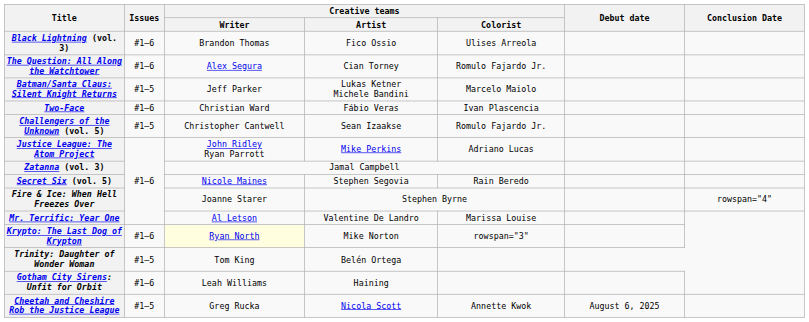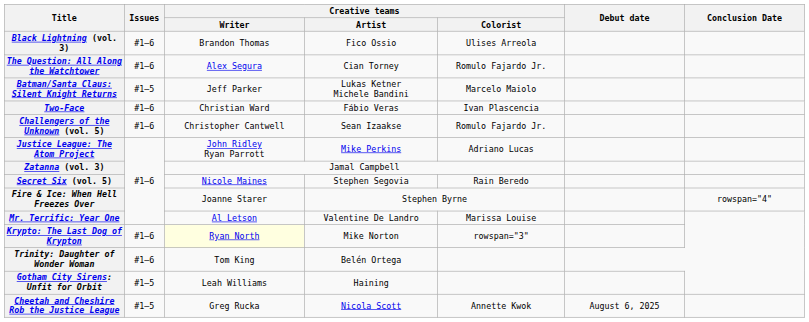 <table class="wikitable sortable" style="text-align:center; font-weight:normal;"  width=99%>
 <tr>
 <th scope="col" rowspan="2" align="center" width="15%">Title</th>
 <th scope="col" rowspan="2" align="center" width="5%">Issues</th>
 <th scope="col" colspan="3" align="center" width="50%">Creative teams </th>
 <th scope="col" rowspan="2" align="center" width="15%">Debut date</th>
 <th scope="col" rowspan="2" align="center" width="15%">Conclusion Date</th>
 </tr>
 <tr>
 <th scope="col">Writer</th>
 <th scope="col">Artist</th>
 <th scope="col">Colorist</th>
 </tr>
 <tr>
 <th scope="row"><em><a href='#'>Black Lightning</a></em> (vol. 3)</th>
 <td>#1–6</td>
 <td>Brandon Thomas</td>
 <td>Fico Ossio</td>
 <td>Ulises Arreola</td>
 <td></td>
 <td></td>
 </tr>
 <tr>
 <th scope="row"><em><a href='#'>The Question: All Along the Watchtower</a></em></th>
 <td>#1–6</td>
 <td><a href='#'>Alex Segura</a></td>
 <td>Cian Torney</td>
 <td>Romulo Fajardo Jr.</td>
 <td></td>
 <td></td>
 </tr>
 <tr>
 <th scope "row"><em><a href='#'>Batman/Santa Claus: Silent Knight Returns</a></em></th>
 <td>#1–5</td>
 <td>Jeff Parker</td>
 <td>Lukas Ketner<br>Michele Bandini</td>
 <td>Marcelo Maiolo</td>
 <td></td>
 <td></td>
 </tr>
 <tr>
 <th scope="row"><em><a href='#'>Two-Face</a></em></th>
 <td>#1–6</td>
 <td>Christian Ward</td>
 <td>Fábio Veras</td>
 <td>Ivan Plascencia</td>
 <td></td>
 <td></td>
 </tr>
 <tr>
 <th scope="row"><em><a href='#'>Challengers of the Unknown</a></em> (vol. 5)</th>
-<td>#1–5</td>
+<td>#1–6</td>
 <td>Christopher Cantwell</td>
 <td>Sean Izaakse</td>
 <td>Romulo Fajardo Jr.</td>
 <td></td>
 <td></td>
 </tr>
 <tr>
 <th scope="row"><em><a href='#'>Justice League: The Atom Project</a></em></th>
 <td rowspan="5">#1–6</td>
 <td><a href='#'>John Ridley</a><br>Ryan Parrott</td>
 <td><a href='#'>Mike Perkins</a></td>
 <td>Adriano Lucas</td>
 <td></td>
 <td></td>
 </tr>
 <tr>
 <th scope="row"><em><a href='#'>Zatanna</a></em> (vol. 3)</th>
 <td colspan="3">Jamal Campbell</td>
 <td></td>
 <td></td>
 </tr>
 <tr>
 <th scope="row"><em><a href='#'>Secret Six</a></em> (vol. 5)</th>
 <td><a href='#'>Nicole Maines</a></td>
 <td>Stephen Segovia</td>
 <td>Rain Beredo</td>
 <td></td>
 <td></td>
 </tr>
 <tr>
 <th scope="row"><em>Fire & Ice: When Hell Freezes Over</em></th>
 <td>Joanne Starer</td>
 <td colspan="2">Stephen Byrne</td>
 <td></td>
 <td>rowspan="4" </td>
 </tr>
 <tr>
 <th scope="row"><em><a href='#'>Mr. Terrific: Year One</a></em></th>
 <td><a href='#'>Al Letson</a></td>
 <td>Valentine De Landro</td>
 <td>Marissa Louise</td>
 <td></td>
 </tr>
 <tr>
 <th scope="row"><em><a href='#'>Krypto: The Last Dog of Krypton</a></em></th>
 <td>#1–6</td>
 <td style="background: lightyellow;"><a href='#'>Ryan North</a></td>
 <td>Mike Norton</td>
 <td>rowspan="3" </td>
 <td></td>
 </tr>
 <tr>
 <th scope="row"><em>Trinity: Daughter of Wonder Woman</em></th>
-<td>#1–5</td>
+<td>#1–6</td>
 <td>Tom King</td>
 <td>Belén Ortega</td>
 <td></td>
 </tr>
 <tr>
 <th scope="row"><em><a href='#'>Gotham City Sirens</a>: Unfit for Orbit</em></th>
-<td>#1–6</td>
+<td>#1–5</td>
 <td>Leah Williams</td>
 <td>Haining</td>
 <td></td>
 <td></td>
 </tr>
 <tr>
 <th scope="row"><em><a href='#'>Cheetah and Cheshire Rob the Justice League</a></em></th>
 <td>#1–5</td>
 <td>Greg Rucka</td>
 <td><a href='#'>Nicola Scott</a></td>
 <td>Annette Kwok</td>
 <td>August 6, 2025</td>
 <td></td>
 </tr>
 </table>
